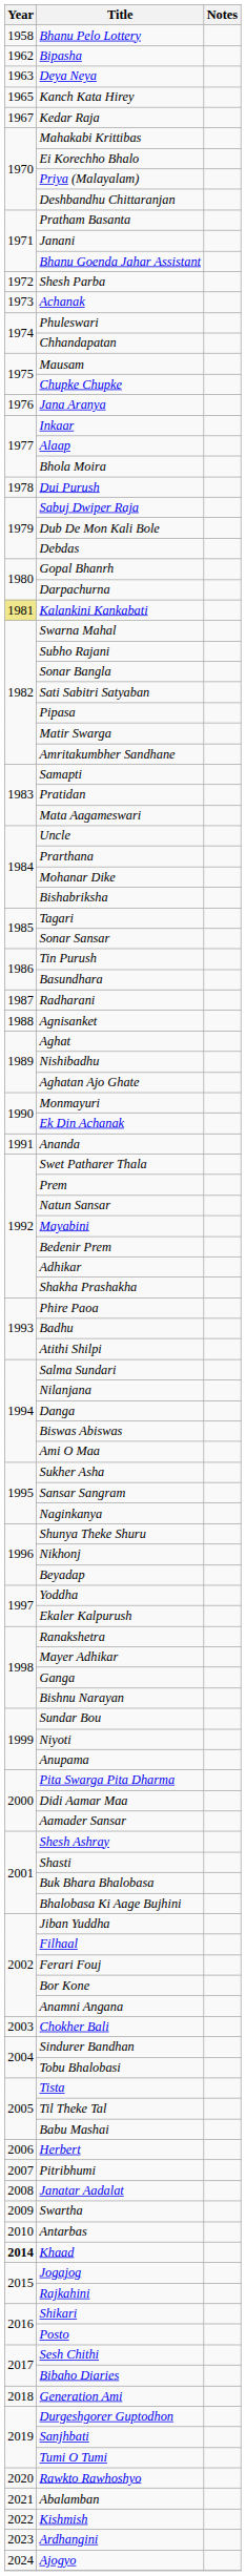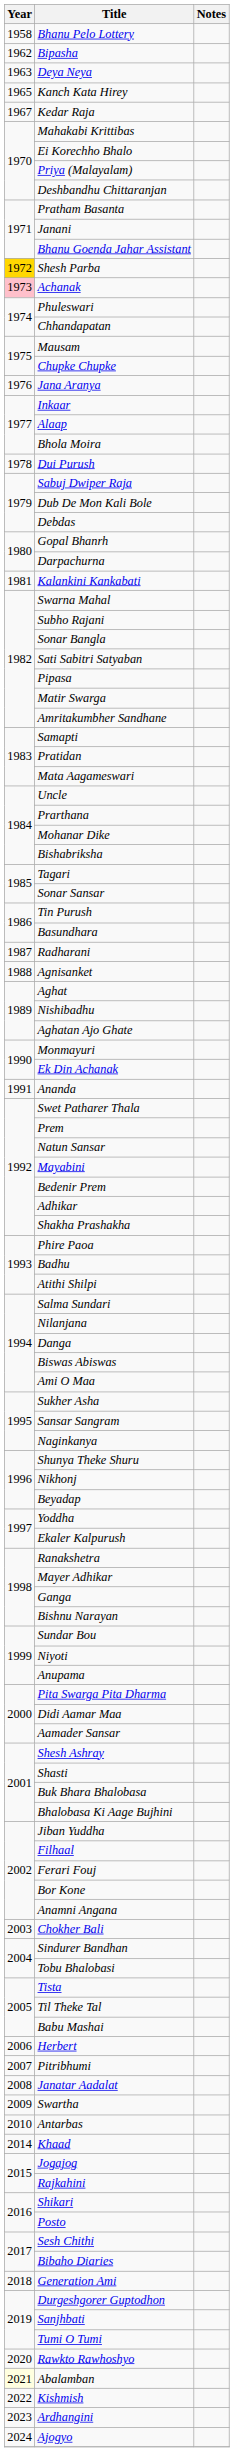 <table class="wikitable">
 <tr>
 <th>Year</th>
 <th>Title</th>
 <th>Notes</th>
 </tr>
 <tr>
 <td>1958</td>
 <td><em><a href='#'>Bhanu Pelo Lottery</a></em></td>
 <td></td>
 </tr>
 <tr>
 <td>1962</td>
 <td><em><a href='#'>Bipasha</a></em></td>
 <td></td>
 </tr>
 <tr>
 <td>1963</td>
 <td><em><a href='#'>Deya Neya</a></em></td>
 <td></td>
 </tr>
 <tr>
 <td>1965</td>
 <td><em>Kanch Kata Hirey</em></td>
 <td></td>
 </tr>
 <tr>
 <td>1967</td>
 <td><em>Kedar Raja</em></td>
 <td></td>
 </tr>
 <tr>
 <td rowspan="4">1970</td>
 <td><em>Mahakabi Krittibas</em></td>
 <td></td>
 </tr>
 <tr>
 <td><em>Ei Korechho Bhalo</em></td>
 <td></td>
 </tr>
 <tr>
 <td><em><a href='#'>Priya</a> (Malayalam)</em></td>
 <td></td>
 </tr>
 <tr>
 <td><em>Deshbandhu Chittaranjan</em></td>
 <td></td>
 </tr>
 <tr>
 <td rowspan="3">1971</td>
 <td><em>Pratham Basanta</em></td>
 <td></td>
 </tr>
 <tr>
 <td><em>Janani</em></td>
 <td></td>
 </tr>
 <tr>
 <td><em><a href='#'>Bhanu Goenda Jahar Assistant</a></em></td>
 <td></td>
 </tr>
 <tr>
-<td>1972</td>
+<td style="background: gold;">1972</td>
 <td><em>Shesh Parba</em></td>
 <td></td>
 </tr>
 <tr>
-<td>1973</td>
+<td style="background: pink;">1973</td>
 <td><a href='#'><em>Achanak</em></a></td>
 <td></td>
 </tr>
 <tr>
 <td rowspan="2">1974</td>
 <td><em>Phuleswari</em></td>
 <td></td>
 </tr>
 <tr>
 <td><em>Chhandapatan</em></td>
 <td></td>
 </tr>
 <tr>
 <td rowspan="2">1975</td>
 <td><em>Mausam</em></td>
 <td></td>
 </tr>
 <tr>
 <td><a href='#'><em>Chupke Chupke</em></a></td>
 <td></td>
 </tr>
 <tr>
 <td>1976</td>
 <td><em><a href='#'>Jana Aranya</a></em></td>
 <td></td>
 </tr>
 <tr>
 <td rowspan="3">1977</td>
 <td><a href='#'><em>Inkaar</em></a></td>
 <td></td>
 </tr>
 <tr>
 <td><em><a href='#'>Alaap</a></em></td>
 <td></td>
 </tr>
 <tr>
 <td><em>Bhola Moira</em></td>
 <td></td>
 </tr>
 <tr>
 <td>1978</td>
 <td><a href='#'><em>Dui Purush</em></a></td>
 <td></td>
 </tr>
 <tr>
 <td rowspan="3">1979</td>
 <td><em><a href='#'>Sabuj Dwiper Raja</a></em></td>
 <td></td>
 </tr>
 <tr>
 <td><em>Dub De Mon Kali Bole</em></td>
 <td></td>
 </tr>
 <tr>
 <td><em>Debdas</em></td>
 <td></td>
 </tr>
 <tr>
 <td rowspan="2">1980</td>
 <td><em>Gopal Bhanrh</em></td>
 <td></td>
 </tr>
 <tr>
 <td><em>Darpachurna</em></td>
 <td></td>
 </tr>
 <tr>
-<td style="background: khaki;">1981</td>
+<td>1981</td>
 <td><em><a href='#'>Kalankini Kankabati</a></em></td>
 <td></td>
 </tr>
 <tr>
 <td rowspan="7">1982</td>
 <td><em>Swarna Mahal</em></td>
 <td></td>
 </tr>
 <tr>
 <td><em>Subho Rajani</em></td>
 <td></td>
 </tr>
 <tr>
 <td><em>Sonar Bangla</em></td>
 <td></td>
 </tr>
 <tr>
 <td><em>Sati Sabitri Satyaban</em></td>
 <td></td>
 </tr>
 <tr>
 <td><em>Pipasa</em></td>
 <td></td>
 </tr>
 <tr>
 <td><em>Matir Swarga</em></td>
 <td></td>
 </tr>
 <tr>
 <td><em>Amritakumbher Sandhane</em></td>
 <td></td>
 </tr>
 <tr>
 <td rowspan="3">1983</td>
 <td><em>Samapti</em></td>
 <td></td>
 </tr>
 <tr>
 <td><em>Pratidan</em></td>
 <td></td>
 </tr>
 <tr>
 <td><em>Mata Aagameswari</em></td>
 <td></td>
 </tr>
 <tr>
 <td rowspan="4">1984</td>
 <td><em>Uncle</em></td>
 <td></td>
 </tr>
 <tr>
 <td><em>Prarthana</em></td>
 <td></td>
 </tr>
 <tr>
 <td><em>Mohanar Dike</em></td>
 <td></td>
 </tr>
 <tr>
 <td><em>Bishabriksha</em></td>
 <td></td>
 </tr>
 <tr>
 <td rowspan="2">1985</td>
 <td><em>Tagari</em></td>
 <td></td>
 </tr>
 <tr>
 <td><em>Sonar Sansar</em></td>
 <td></td>
 </tr>
 <tr>
 <td rowspan="2">1986</td>
 <td><em>Tin Purush</em></td>
 <td></td>
 </tr>
 <tr>
 <td><em>Basundhara</em></td>
 <td></td>
 </tr>
 <tr>
 <td>1987</td>
 <td><em>Radharani</em></td>
 <td></td>
 </tr>
 <tr>
 <td>1988</td>
 <td><em>Agnisanket</em></td>
 <td></td>
 </tr>
 <tr>
 <td rowspan="3">1989</td>
 <td><em>Aghat</em></td>
 <td></td>
 </tr>
 <tr>
 <td><em>Nishibadhu</em></td>
 <td></td>
 </tr>
 <tr>
 <td><em>Aghatan Ajo Ghate</em></td>
 <td></td>
 </tr>
 <tr>
 <td rowspan="2">1990</td>
 <td><em>Monmayuri</em></td>
 <td></td>
 </tr>
 <tr>
 <td><em><a href='#'>Ek Din Achanak</a></em></td>
 <td></td>
 </tr>
 <tr>
 <td>1991</td>
 <td><em>Ananda</em></td>
 <td></td>
 </tr>
 <tr>
 <td rowspan="7">1992</td>
 <td><em>Swet Patharer Thala</em></td>
 <td></td>
 </tr>
 <tr>
 <td><em>Prem</em></td>
 <td></td>
 </tr>
 <tr>
 <td><em>Natun Sansar</em></td>
 <td></td>
 </tr>
 <tr>
 <td><em><a href='#'>Mayabini</a></em></td>
 <td></td>
 </tr>
 <tr>
 <td><em>Bedenir Prem</em></td>
 <td></td>
 </tr>
 <tr>
 <td><em>Adhikar</em></td>
 <td></td>
 </tr>
 <tr>
 <td><em>Shakha Prashakha</em></td>
 <td></td>
 </tr>
 <tr>
 <td rowspan="3">1993</td>
 <td><em>Phire Paoa</em></td>
 <td></td>
 </tr>
 <tr>
 <td><em>Badhu</em></td>
 <td></td>
 </tr>
 <tr>
 <td><em>Atithi Shilpi</em></td>
 <td></td>
 </tr>
 <tr>
 <td rowspan="5">1994</td>
 <td><em>Salma Sundari</em></td>
 <td></td>
 </tr>
 <tr>
 <td><em>Nilanjana</em></td>
 <td></td>
 </tr>
 <tr>
 <td><em>Danga</em></td>
 <td></td>
 </tr>
 <tr>
 <td><em>Biswas Abiswas</em></td>
 <td></td>
 </tr>
 <tr>
 <td><em>Ami O Maa</em></td>
 <td></td>
 </tr>
 <tr>
 <td rowspan="3">1995</td>
 <td><em>Sukher Asha</em></td>
 <td></td>
 </tr>
 <tr>
 <td><em>Sansar Sangram</em></td>
 <td></td>
 </tr>
 <tr>
 <td><em>Naginkanya</em></td>
 <td></td>
 </tr>
 <tr>
 <td rowspan="3">1996</td>
 <td><em>Shunya Theke Shuru</em></td>
 <td></td>
 </tr>
 <tr>
 <td><em>Nikhonj</em></td>
 <td></td>
 </tr>
 <tr>
 <td><em>Beyadap</em></td>
 <td></td>
 </tr>
 <tr>
 <td rowspan="2">1997</td>
 <td><em>Yoddha</em></td>
 <td></td>
 </tr>
 <tr>
 <td><em>Ekaler Kalpurush</em></td>
 <td></td>
 </tr>
 <tr>
 <td rowspan="4">1998</td>
 <td><em>Ranakshetra</em></td>
 <td></td>
 </tr>
 <tr>
 <td><em>Mayer Adhikar</em></td>
 <td></td>
 </tr>
 <tr>
 <td><em>Ganga</em></td>
 <td></td>
 </tr>
 <tr>
 <td><em>Bishnu Narayan</em></td>
 <td></td>
 </tr>
 <tr>
 <td rowspan="3">1999</td>
 <td><em>Sundar Bou</em></td>
 <td></td>
 </tr>
 <tr>
 <td><em>Niyoti</em></td>
 <td></td>
 </tr>
 <tr>
 <td><em>Anupama</em></td>
 <td></td>
 </tr>
 <tr>
 <td rowspan="3">2000</td>
 <td><em><a href='#'>Pita Swarga Pita Dharma</a></em></td>
 <td></td>
 </tr>
 <tr>
 <td><em>Didi Aamar Maa</em></td>
 <td></td>
 </tr>
 <tr>
 <td><em>Aamader Sansar</em></td>
 <td></td>
 </tr>
 <tr>
 <td rowspan="4">2001</td>
 <td><em><a href='#'>Shesh Ashray</a></em></td>
 <td><em></em></td>
 </tr>
 <tr>
 <td><em>Shasti</em></td>
 <td></td>
 </tr>
 <tr>
 <td><em>Buk Bhara Bhalobasa</em></td>
 <td></td>
 </tr>
 <tr>
 <td><em>Bhalobasa Ki Aage Bujhini</em></td>
 <td></td>
 </tr>
 <tr>
 <td rowspan="5">2002</td>
 <td><em>Jiban Yuddha</em></td>
 <td></td>
 </tr>
 <tr>
 <td><em><a href='#'>Filhaal</a></em></td>
 <td></td>
 </tr>
 <tr>
 <td><em>Ferari Fouj</em></td>
 <td></td>
 </tr>
 <tr>
 <td><em>Bor Kone</em></td>
 <td></td>
 </tr>
 <tr>
 <td><em>Anamni Angana</em></td>
 <td></td>
 </tr>
 <tr>
 <td>2003</td>
 <td><em><a href='#'>Chokher Bali</a></em></td>
 <td></td>
 </tr>
 <tr>
 <td rowspan="2">2004</td>
 <td><em>Sindurer Bandhan</em></td>
 <td></td>
 </tr>
 <tr>
 <td><em>Tobu Bhalobasi</em></td>
 <td></td>
 </tr>
 <tr>
 <td rowspan="3">2005</td>
 <td><em><a href='#'>Tista</a></em></td>
 <td></td>
 </tr>
 <tr>
 <td><em>Til Theke Tal</em></td>
 <td></td>
 </tr>
 <tr>
 <td><em>Babu Mashai</em></td>
 <td></td>
 </tr>
 <tr>
 <td>2006</td>
 <td><em><a href='#'>Herbert</a></em></td>
 <td></td>
 </tr>
 <tr>
 <td>2007</td>
 <td><em>Pitribhumi</em></td>
 <td></td>
 </tr>
 <tr>
 <td>2008</td>
 <td><em><a href='#'>Janatar Aadalat</a></em></td>
 <td></td>
 </tr>
 <tr>
 <td>2009</td>
 <td><em>Swartha</em></td>
 <td></td>
 </tr>
 <tr>
 <td>2010</td>
 <td><em>Antarbas</em></td>
 <td></td>
 </tr>
 <tr>
-<td><strong>2014</strong></td>
+<td>2014</td>
 <td><em><a href='#'>Khaad</a></em></td>
 <td><em></em></td>
 </tr>
 <tr>
 <td rowspan="2">2015</td>
 <td><em><a href='#'>Jogajog</a></em></td>
 <td></td>
 </tr>
 <tr>
 <td><em><a href='#'>Rajkahini</a></em></td>
 <td></td>
 </tr>
 <tr>
 <td rowspan="2">2016</td>
 <td><em><a href='#'>Shikari</a></em></td>
 <td></td>
 </tr>
 <tr>
 <td><em><a href='#'>Posto</a></em></td>
 <td></td>
 </tr>
 <tr>
 <td rowspan="2">2017</td>
 <td><em><a href='#'>Sesh Chithi</a></em></td>
 <td></td>
 </tr>
 <tr>
 <td><em><a href='#'>Bibaho Diaries</a></em></td>
 <td></td>
 </tr>
 <tr>
 <td>2018</td>
 <td><em><a href='#'>Generation Ami</a></em></td>
 <td></td>
 </tr>
 <tr>
 <td rowspan="3">2019</td>
 <td><em><a href='#'>Durgeshgorer Guptodhon</a></em></td>
 <td></td>
 </tr>
 <tr>
 <td><em><a href='#'>Sanjhbati</a></em></td>
 <td></td>
 </tr>
 <tr>
 <td><em><a href='#'>Tumi O Tumi</a></em></td>
 <td></td>
 </tr>
 <tr>
 <td>2020</td>
 <td><em><a href='#'>Rawkto Rawhoshyo</a></em></td>
 <td></td>
 </tr>
 <tr>
-<td>2021</td>
+<td style="background: lightyellow;">2021</td>
 <td><em>Abalamban</em></td>
 <td></td>
 </tr>
 <tr>
 <td>2022</td>
 <td><em><a href='#'>Kishmish</a></em></td>
 <td></td>
 </tr>
 <tr>
 <td>2023</td>
 <td><em><a href='#'>Ardhangini</a></em></td>
 <td></td>
 </tr>
 <tr>
 <td>2024</td>
 <td><em><a href='#'>Ajogyo</a></em></td>
 <td></td>
 </tr>
 <tr>
 </tr>
 </table>
